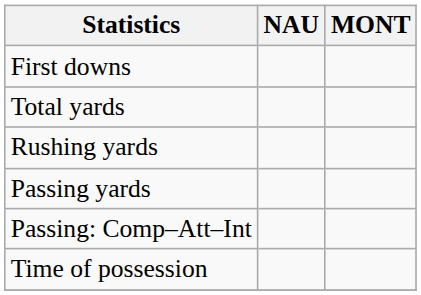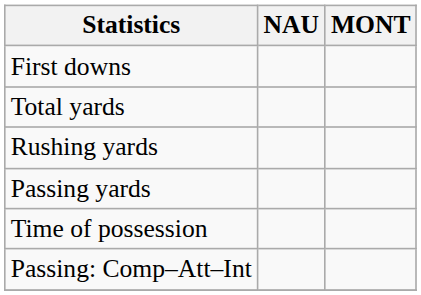 <table class="wikitable" style="float: left;">
 <tr>
 <th>Statistics</th>
 <th>NAU</th>
 <th>MONT</th>
 </tr>
 <tr>
 <td>First downs</td>
 <td></td>
 <td></td>
 </tr>
 <tr>
 <td>Total yards</td>
 <td></td>
 <td></td>
 </tr>
 <tr>
 <td>Rushing yards</td>
 <td></td>
 <td></td>
 </tr>
 <tr>
 <td>Passing yards</td>
 <td></td>
 <td></td>
 </tr>
 <tr>
-<td>Passing: Comp–Att–Int</td>
+<td>Time of possession</td>
 <td></td>
 <td></td>
 </tr>
 <tr>
-<td>Time of possession</td>
+<td>Passing: Comp–Att–Int</td>
 <td></td>
 <td></td>
 </tr>
 <tr>
 </tr>
 </table>
